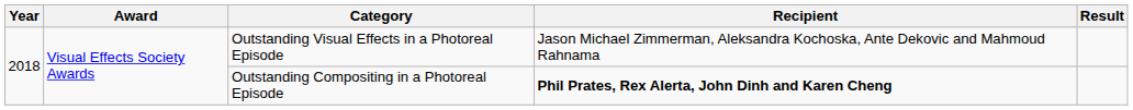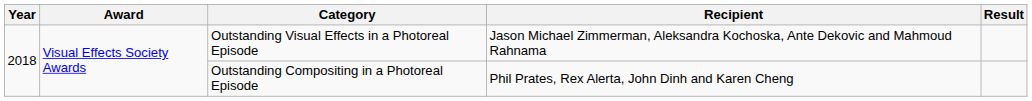 <table class="wikitable">
 <tr>
 <th>Year</th>
 <th>Award</th>
 <th>Category</th>
 <th>Recipient</th>
 <th>Result</th>
 </tr>
 <tr>
 <td rowspan=2>2018</td>
 <td rowspan=2><a href='#'>Visual Effects Society Awards</a></td>
 <td>Outstanding Visual Effects in a Photoreal Episode</td>
 <td>Jason Michael Zimmerman, Aleksandra Kochoska, Ante Dekovic and Mahmoud Rahnama</td>
 <td></td>
 </tr>
 <tr>
 <td>Outstanding Compositing in a Photoreal Episode</td>
-<td><strong>Phil Prates, Rex Alerta, John Dinh and Karen Cheng</strong></td>
+<td>Phil Prates, Rex Alerta, John Dinh and Karen Cheng</td>
 <td></td>
 </tr>
 </table>
